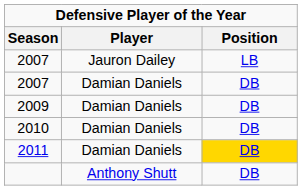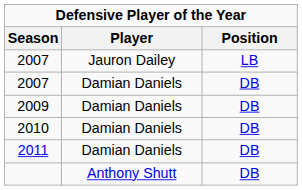 <table class="wikitable sortable" style="text-align:center">
 <tr>
 <td colspan="4"><strong>Defensive Player of the Year</strong></td>
 </tr>
 <tr>
 <th style="width:50px; ">Season</th>
 <th style="width:150px; ">Player</th>
 <th style="width:100px; ">Position</th>
 </tr>
 <tr>
 <td>2007</td>
 <td>Jauron Dailey</td>
 <td><a href='#'>LB</a></td>
 </tr>
 <tr>
 <td>2007</td>
 <td>Damian Daniels</td>
 <td><a href='#'>DB</a></td>
 </tr>
 <tr>
 <td>2009</td>
 <td>Damian Daniels</td>
 <td><a href='#'>DB</a></td>
 </tr>
 <tr>
 <td>2010</td>
 <td>Damian Daniels</td>
 <td><a href='#'>DB</a></td>
 </tr>
 <tr>
 <td><a href='#'>2011</a></td>
 <td>Damian Daniels</td>
-<td style="background: gold;"><a href='#'>DB</a></td>
+<td><a href='#'>DB</a></td>
 </tr>
 <tr>
 <td></td>
 <td><a href='#'>Anthony Shutt</a></td>
 <td><a href='#'>DB</a></td>
 </tr>
 </table>
